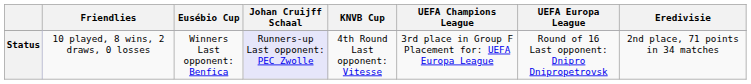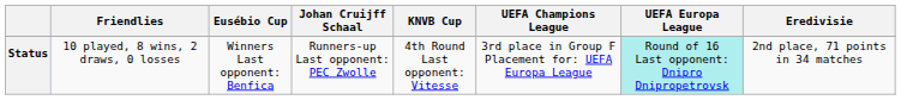 <table class="wikitable" style="width:100%; font-size:85%;">
 <tr>
 <th></th>
 <th style="border-bottom:1px solid #B5B7CF;">Friendlies</th>
 <th style="border-bottom:1px solid #B5B7CF;">Eusébio Cup</th>
 <th style="border-bottom:1px solid #B5B7CF;">Johan Cruijff Schaal</th>
 <th style="border-bottom:1px solid #B5B7CF;">KNVB Cup</th>
 <th style="border-bottom:1px solid #B5B7CF;">UEFA Champions League</th>
 <th style="border-bottom:1px solid #B5B7CF;">UEFA Europa League</th>
 <th style="border-bottom:1px solid #B5B7CF;">Eredivisie</th>
 </tr>
 <tr>
 </tr>
 <tr style="font-size:100%;" valign="top">
 <th style="border-right:1px solid #B5B7CF;text-align:right;padding-top:10px;">Status</th>
 <td align=center>10 played, 8 wins, 2 draws, 0 losses</td>
 <td align=center>Winners<br>Last opponent:<br><a href='#'>Benfica</a></td>
-<td align=center style="background: lavender;">Runners-up<br>Last opponent:<br><a href='#'>PEC Zwolle</a></td>
+<td align=center>Runners-up<br>Last opponent:<br><a href='#'>PEC Zwolle</a></td>
 <td align=center>4th Round<br>Last opponent:<br><a href='#'>Vitesse</a></td>
 <td align=center>3rd place in Group F<br>Placement for: <a href='#'>UEFA Europa League</a></td>
-<td align=center>Round of 16<br>Last opponent:<br><a href='#'>Dnipro Dnipropetrovsk</a></td>
+<td align=center style="background: paleturquoise;">Round of 16<br>Last opponent:<br><a href='#'>Dnipro Dnipropetrovsk</a></td>
 <td align=center>2nd place, 71 points in 34 matches</td>
 </tr>
 </table>
